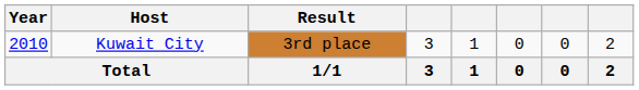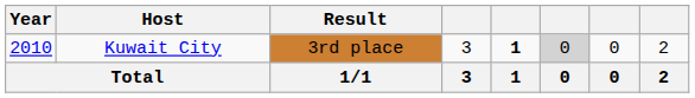 <table class="wikitable" style="text-align:center">
 <tr>
 <th width=30>Year</th>
 <th width=150>Host</th>
 <th width=120>Result</th>
 <th width=30></th>
 <th width=30></th>
 <th width=30></th>
 <th width=30></th>
 <th width=30></th>
 </tr>
 <tr>
 <td><a href='#'>2010</a></td>
 <td> <a href='#'>Kuwait City</a></td>
 <td bgcolor="#cd7f32"> 3rd place</td>
 <td>3</td>
-<td>1</td>
-<td>0</td>
+<td><strong>1</strong></td>
+<td style="background: lightgrey;">0</td>
 <td>0</td>
 <td>2</td>
 </tr>
 <tr>
 <th colspan=2>Total</th>
 <th>1/1</th>
 <th>3</th>
 <th>1</th>
 <th>0</th>
 <th>0</th>
 <th>2</th>
 </tr>
 </table>
